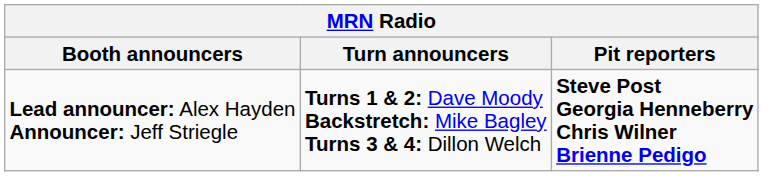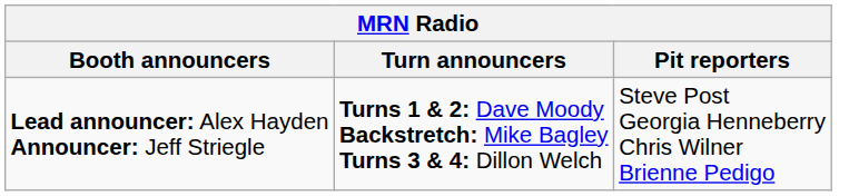 <table class="wikitable" style="font-size: 95%">
 <tr>
 <th colspan="3"><a href='#'>MRN</a> Radio</th>
 </tr>
 <tr>
 <th>Booth announcers</th>
 <th>Turn announcers</th>
 <th>Pit reporters</th>
 </tr>
 <tr>
 <td><strong>Lead announcer:</strong> Alex Hayden<br><strong>Announcer:</strong> Jeff Striegle</td>
 <td><strong>Turns 1 & 2:</strong> <a href='#'>Dave Moody</a><br><strong>Backstretch:</strong> <a href='#'>Mike Bagley</a><br><strong>Turns 3 & 4:</strong> Dillon Welch</td>
-<td><strong>Steve Post<br>Georgia Henneberry<br>Chris Wilner<br><a href='#'>Brienne Pedigo</a></strong></td>
+<td>Steve Post<br>Georgia Henneberry<br>Chris Wilner<br><a href='#'>Brienne Pedigo</a></td>
 </tr>
 </table>
